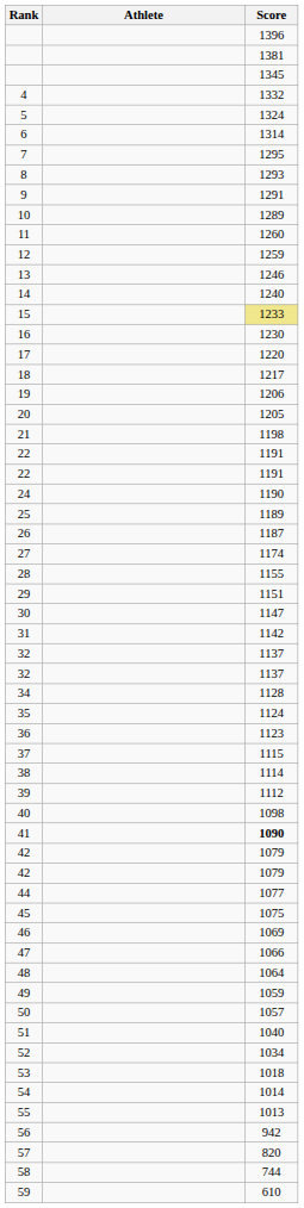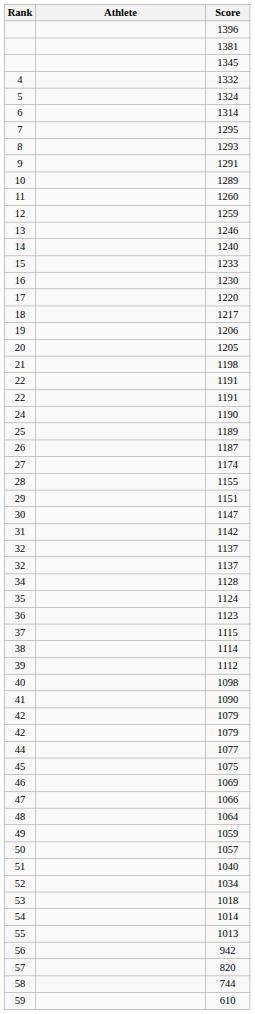 <table class=wikitable style="text-align:center">
 <tr>
 <th width=40>Rank</th>
 <th width=250>Athlete</th>
 <th width=60>Score</th>
 </tr>
 <tr>
 <td></td>
 <td align=left></td>
 <td>1396</td>
 </tr>
 <tr>
 <td></td>
 <td align=left></td>
 <td>1381</td>
 </tr>
 <tr>
 <td></td>
 <td align=left></td>
 <td>1345</td>
 </tr>
 <tr>
 <td>4</td>
 <td align=left></td>
 <td>1332</td>
 </tr>
 <tr>
 <td>5</td>
 <td align=left></td>
 <td>1324</td>
 </tr>
 <tr>
 <td>6</td>
 <td align=left></td>
 <td>1314</td>
 </tr>
 <tr>
 <td>7</td>
 <td align=left></td>
 <td>1295</td>
 </tr>
 <tr>
 <td>8</td>
 <td align=left></td>
 <td>1293</td>
 </tr>
 <tr>
 <td>9</td>
 <td align=left></td>
 <td>1291</td>
 </tr>
 <tr>
 <td>10</td>
 <td align=left></td>
 <td>1289</td>
 </tr>
 <tr>
 <td>11</td>
 <td align=left></td>
 <td>1260</td>
 </tr>
 <tr>
 <td>12</td>
 <td align=left></td>
 <td>1259</td>
 </tr>
 <tr>
 <td>13</td>
 <td align=left></td>
 <td>1246</td>
 </tr>
 <tr>
 <td>14</td>
 <td align=left></td>
 <td>1240</td>
 </tr>
 <tr>
 <td>15</td>
 <td align=left></td>
-<td style="background: khaki;">1233</td>
+<td>1233</td>
 </tr>
 <tr>
 <td>16</td>
 <td align=left></td>
 <td>1230</td>
 </tr>
 <tr>
 <td>17</td>
 <td align=left></td>
 <td>1220</td>
 </tr>
 <tr>
 <td>18</td>
 <td align=left></td>
 <td>1217</td>
 </tr>
 <tr>
 <td>19</td>
 <td align=left></td>
 <td>1206</td>
 </tr>
 <tr>
 <td>20</td>
 <td align=left></td>
 <td>1205</td>
 </tr>
 <tr>
 <td>21</td>
 <td align=left></td>
 <td>1198</td>
 </tr>
 <tr>
 <td>22</td>
 <td align=left></td>
 <td>1191</td>
 </tr>
 <tr>
 <td>22</td>
 <td align=left></td>
 <td>1191</td>
 </tr>
 <tr>
 <td>24</td>
 <td align=left></td>
 <td>1190</td>
 </tr>
 <tr>
 <td>25</td>
 <td align=left></td>
 <td>1189</td>
 </tr>
 <tr>
 <td>26</td>
 <td align=left></td>
 <td>1187</td>
 </tr>
 <tr>
 <td>27</td>
 <td align=left></td>
 <td>1174</td>
 </tr>
 <tr>
 <td>28</td>
 <td align=left></td>
 <td>1155</td>
 </tr>
 <tr>
 <td>29</td>
 <td align=left></td>
 <td>1151</td>
 </tr>
 <tr>
 <td>30</td>
 <td align=left></td>
 <td>1147</td>
 </tr>
 <tr>
 <td>31</td>
 <td align=left></td>
 <td>1142</td>
 </tr>
 <tr>
 <td>32</td>
 <td align=left></td>
 <td>1137</td>
 </tr>
 <tr>
 <td>32</td>
 <td align=left></td>
 <td>1137</td>
 </tr>
 <tr>
 <td>34</td>
 <td align=left></td>
 <td>1128</td>
 </tr>
 <tr>
 <td>35</td>
 <td align=left></td>
 <td>1124</td>
 </tr>
 <tr>
 <td>36</td>
 <td align=left></td>
 <td>1123</td>
 </tr>
 <tr>
 <td>37</td>
 <td align=left></td>
 <td>1115</td>
 </tr>
 <tr>
 <td>38</td>
 <td align=left></td>
 <td>1114</td>
 </tr>
 <tr>
 <td>39</td>
 <td align=left></td>
 <td>1112</td>
 </tr>
 <tr>
 <td>40</td>
 <td align=left></td>
 <td>1098</td>
 </tr>
 <tr>
 <td>41</td>
 <td align=left></td>
-<td><strong>1090</strong></td>
+<td>1090</td>
 </tr>
 <tr>
 <td>42</td>
 <td align=left></td>
 <td>1079</td>
 </tr>
 <tr>
 <td>42</td>
 <td align=left></td>
 <td>1079</td>
 </tr>
 <tr>
 <td>44</td>
 <td align=left></td>
 <td>1077</td>
 </tr>
 <tr>
 <td>45</td>
 <td align=left></td>
 <td>1075</td>
 </tr>
 <tr>
 <td>46</td>
 <td align=left></td>
 <td>1069</td>
 </tr>
 <tr>
 <td>47</td>
 <td align=left></td>
 <td>1066</td>
 </tr>
 <tr>
 <td>48</td>
 <td align=left></td>
 <td>1064</td>
 </tr>
 <tr>
 <td>49</td>
 <td align=left></td>
 <td>1059</td>
 </tr>
 <tr>
 <td>50</td>
 <td align=left></td>
 <td>1057</td>
 </tr>
 <tr>
 <td>51</td>
 <td align=left></td>
 <td>1040</td>
 </tr>
 <tr>
 <td>52</td>
 <td align=left></td>
 <td>1034</td>
 </tr>
 <tr>
 <td>53</td>
 <td align=left></td>
 <td>1018</td>
 </tr>
 <tr>
 <td>54</td>
 <td align=left></td>
 <td>1014</td>
 </tr>
 <tr>
 <td>55</td>
 <td align=left></td>
 <td>1013</td>
 </tr>
 <tr>
 <td>56</td>
 <td align=left></td>
 <td>942</td>
 </tr>
 <tr>
 <td>57</td>
 <td align=left></td>
 <td>820</td>
 </tr>
 <tr>
 <td>58</td>
 <td align=left></td>
 <td>744</td>
 </tr>
 <tr>
 <td>59</td>
 <td align=left></td>
 <td>610</td>
 </tr>
 </table>
